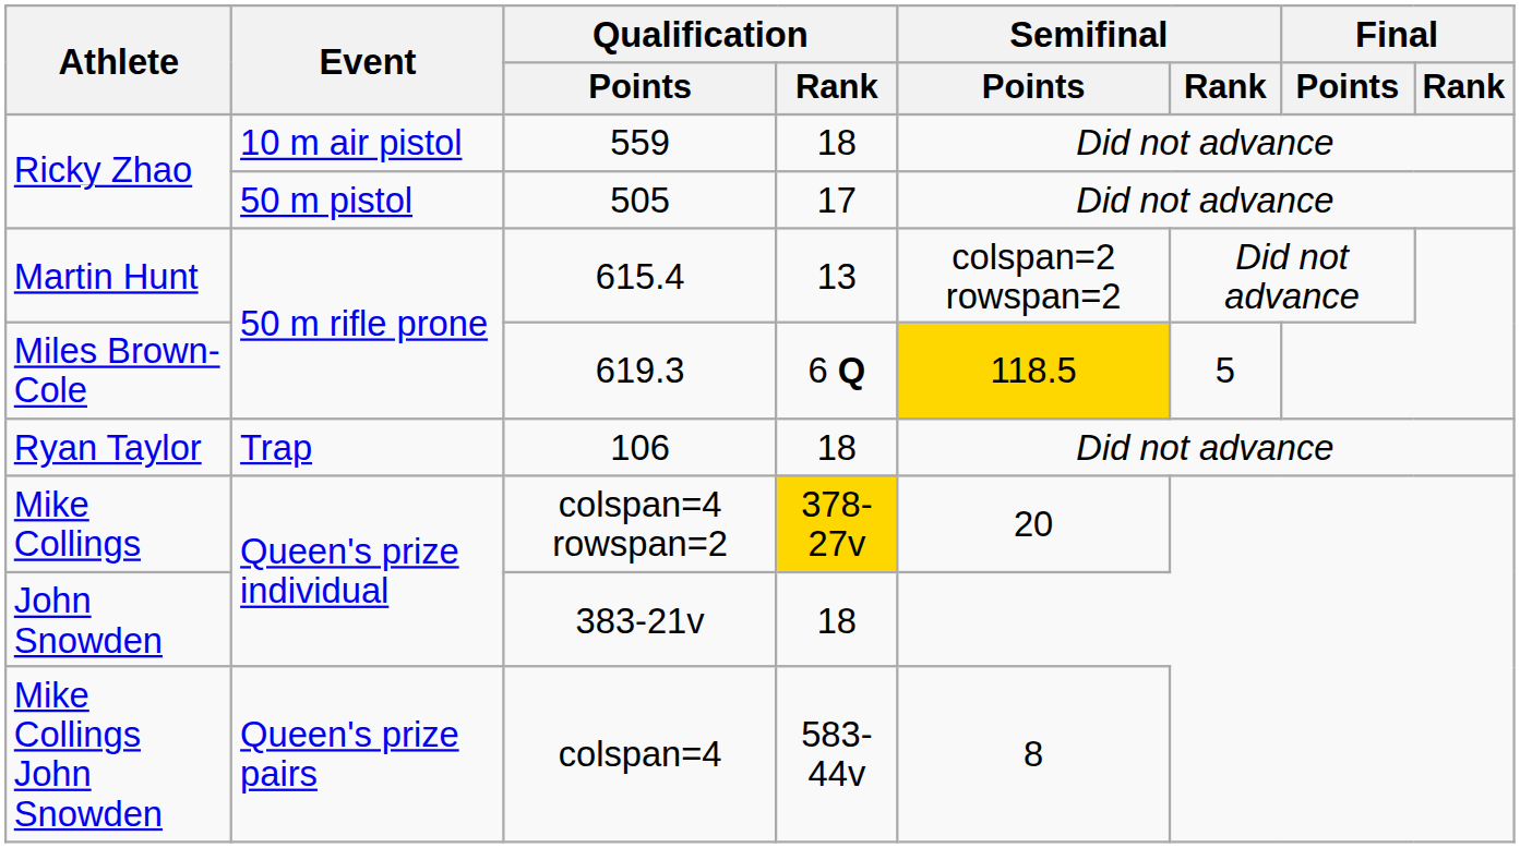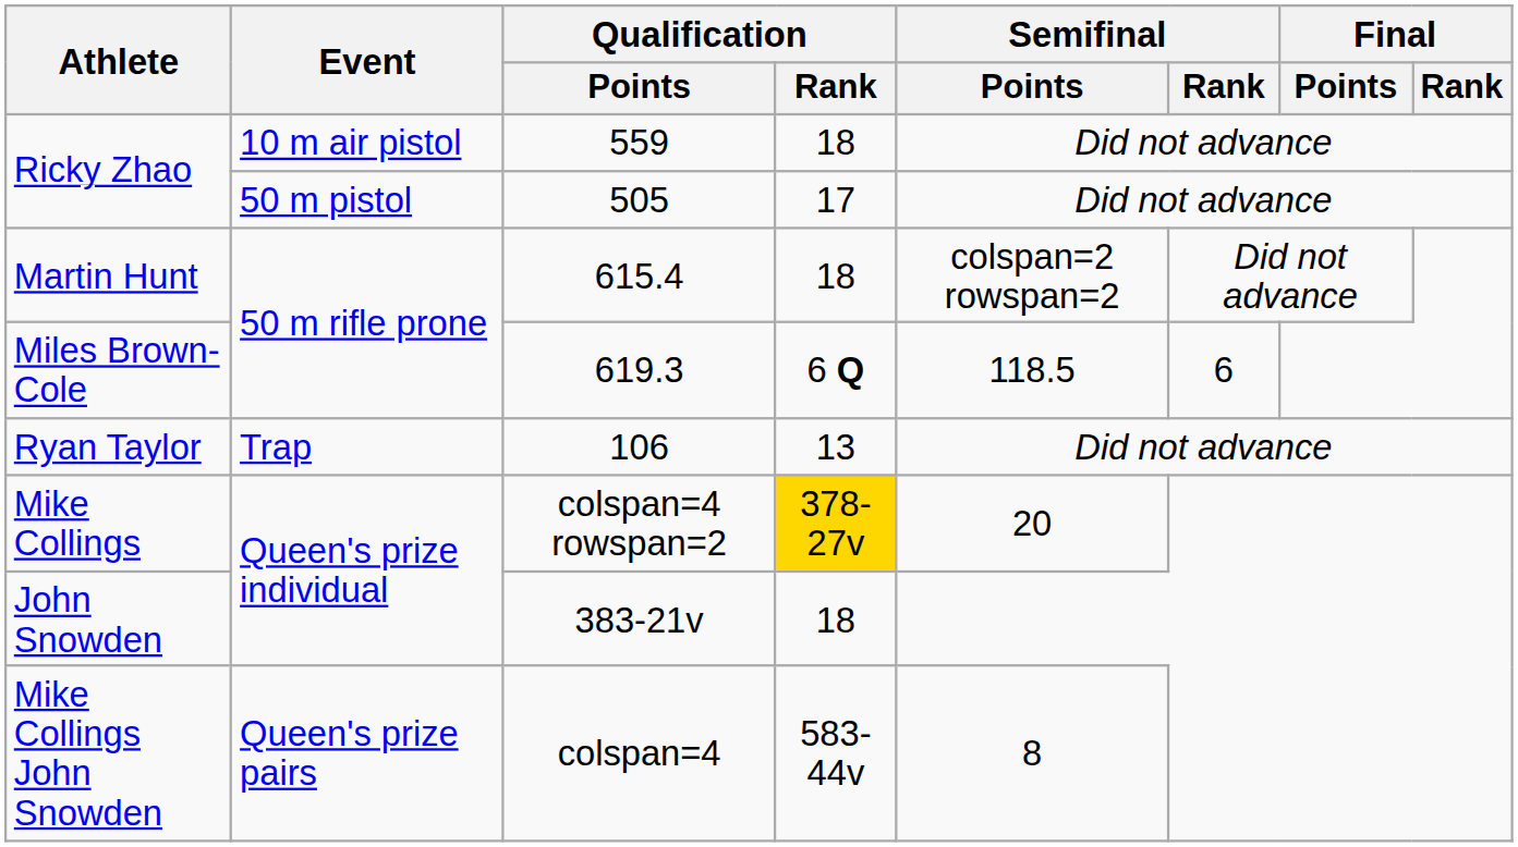 <table class="wikitable" style="font-size:90%;text-align:center">
 <tr>
 <th rowspan=2>Athlete</th>
 <th rowspan=2>Event</th>
 <th colspan=2>Qualification</th>
 <th colspan=2>Semifinal</th>
 <th colspan=2>Final</th>
 </tr>
 <tr style="font-size:95%">
 <th>Points</th>
 <th>Rank</th>
 <th>Points</th>
 <th>Rank</th>
 <th>Points</th>
 <th>Rank</th>
 </tr>
 <tr>
 <td rowspan=2 align=left><a href='#'>Ricky Zhao</a></td>
 <td align=left><a href='#'>10 m air pistol</a></td>
 <td>559</td>
 <td>18</td>
 <td colspan=4><em>Did not advance</em></td>
 </tr>
 <tr>
 <td align=left><a href='#'>50 m pistol</a></td>
 <td>505</td>
 <td>17</td>
 <td colspan=4><em>Did not advance</em></td>
 </tr>
 <tr>
 <td align=left><a href='#'>Martin Hunt</a></td>
 <td align=left rowspan=2><a href='#'>50 m rifle prone</a></td>
 <td>615.4</td>
-<td>13</td>
+<td>18</td>
 <td>colspan=2 rowspan=2 </td>
 <td colspan=2><em>Did not advance</em></td>
 </tr>
 <tr>
 <td align=left><a href='#'>Miles Brown-Cole</a></td>
 <td>619.3</td>
 <td>6 <strong>Q</strong></td>
-<td style="background: gold;">118.5</td>
-<td>5</td>
+<td>118.5</td>
+<td>6</td>
 </tr>
 <tr>
 <td align=left><a href='#'>Ryan Taylor</a></td>
 <td align=left><a href='#'>Trap</a></td>
 <td>106</td>
-<td>18</td>
+<td>13</td>
 <td colspan=4><em>Did not advance</em></td>
 </tr>
 <tr>
 <td align=left><a href='#'>Mike Collings</a></td>
 <td align=left rowspan=2><a href='#'>Queen's prize individual</a></td>
 <td>colspan=4 rowspan=2 </td>
 <td style="background: gold;">378-27v</td>
 <td>20</td>
 </tr>
 <tr>
 <td align=left><a href='#'>John Snowden</a></td>
 <td>383-21v</td>
 <td>18</td>
 </tr>
 <tr>
 <td align=left><a href='#'>Mike Collings</a><br><a href='#'>John Snowden</a></td>
 <td align=left rowspan=2><a href='#'>Queen's prize pairs</a></td>
 <td>colspan=4 </td>
 <td>583-44v</td>
 <td>8</td>
 </tr>
 </table>
